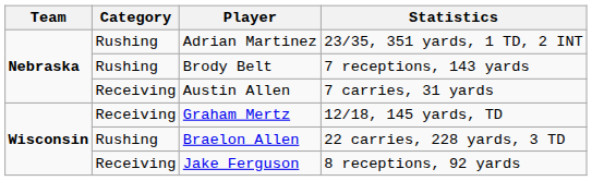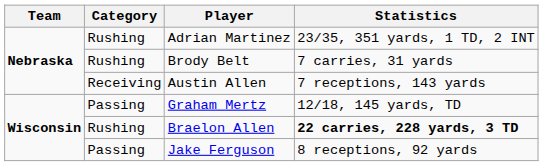 <table class="wikitable" style="float: right;">
 <tr>
 <th>Team</th>
 <th>Category</th>
 <th>Player</th>
 <th>Statistics</th>
 </tr>
 <tr>
 <td rowspan=3><strong>Nebraska</strong></td>
 <td>Rushing</td>
 <td>Adrian Martinez</td>
 <td>23/35, 351 yards, 1 TD, 2 INT</td>
 </tr>
 <tr>
 <td>Rushing</td>
 <td>Brody Belt</td>
-<td>7 receptions, 143 yards</td>
+<td>7 carries, 31 yards</td>
 </tr>
 <tr>
 <td>Receiving</td>
 <td>Austin Allen</td>
-<td>7 carries, 31 yards</td>
+<td>7 receptions, 143 yards</td>
 </tr>
 <tr>
 <td rowspan=3><strong>Wisconsin</strong></td>
-<td>Receiving</td>
+<td>Passing</td>
 <td><a href='#'>Graham Mertz</a></td>
 <td>12/18, 145 yards, TD</td>
 </tr>
 <tr>
 <td>Rushing</td>
 <td><a href='#'>Braelon Allen</a></td>
-<td>22 carries, 228 yards, 3 TD</td>
+<td><strong>22 carries, 228 yards, 3 TD</strong></td>
 </tr>
 <tr>
-<td>Receiving</td>
+<td>Passing</td>
 <td><a href='#'>Jake Ferguson</a></td>
 <td>8 receptions, 92 yards</td>
 </tr>
 </table>
